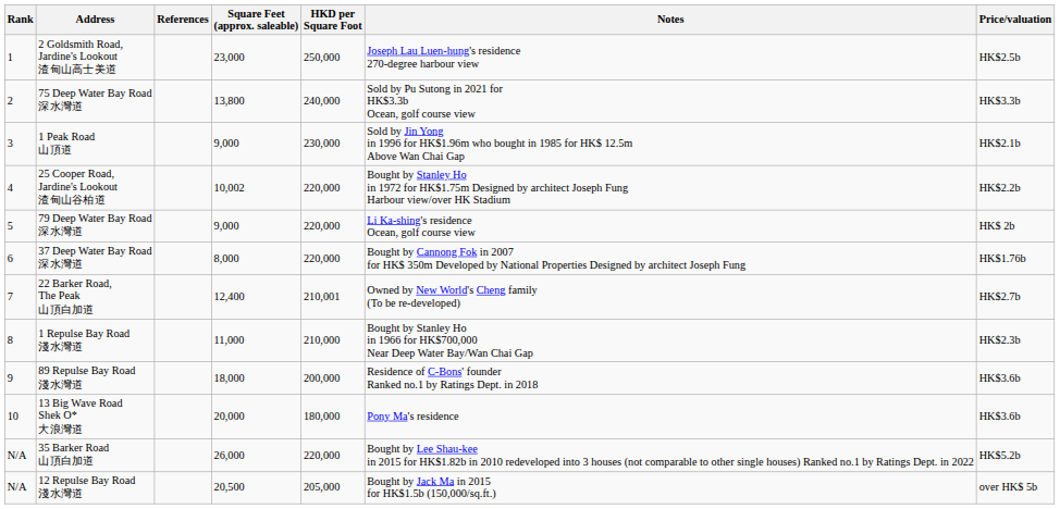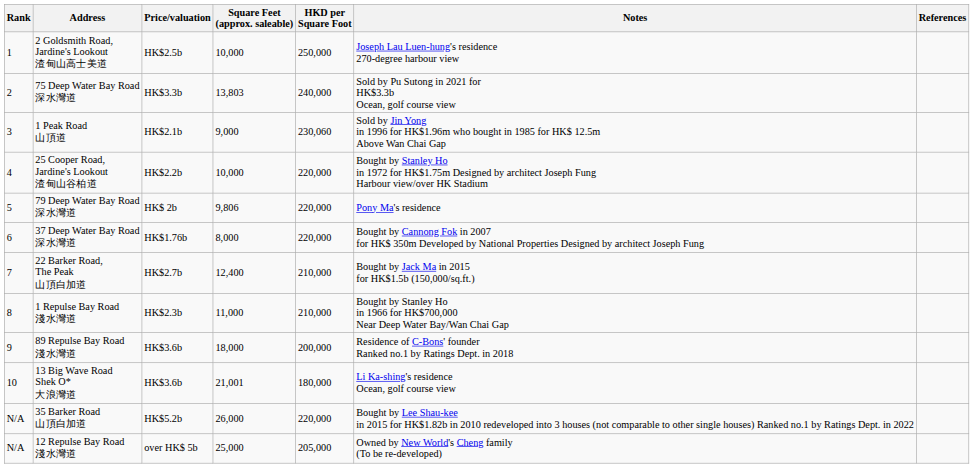 <table class="wikitable">
 <tr>
 <th>Rank</th>
 <th>Address</th>
-<th>References</th>
+<th>Price/valuation</th>
 <th>Square Feet<br>(approx. saleable)</th>
 <th>HKD per<br>Square Foot</th>
 <th>Notes</th>
-<th>Price/valuation</th>
+<th>References</th>
 </tr>
 <tr>
 <td>1</td>
 <td>2 Goldsmith Road,<br>Jardine's Lookout<br>渣甸山高士美道</td>
-<td></td>
-<td>23,000</td>
+<td>HK$2.5b</td>
+<td>10,000</td>
 <td>250,000</td>
 <td><a href='#'>Joseph Lau Luen-hung</a>'s residence<br>270-degree harbour view</td>
-<td>HK$2.5b</td>
+<td></td>
 </tr>
 <tr>
 <td>2</td>
 <td>75 Deep Water Bay Road<br>深水灣道</td>
-<td></td>
-<td>13,800</td>
+<td>HK$3.3b</td>
+<td>13,803</td>
 <td>240,000</td>
 <td>Sold by Pu Sutong in 2021 for<br>HK$3.3b<br>Ocean, golf course view</td>
-<td>HK$3.3b</td>
+<td></td>
 </tr>
 <tr>
 <td>3</td>
 <td>1 Peak Road<br>山頂道</td>
+<td>HK$2.1b</td>
+<td>9,000</td>
+<td>230,060</td>
+<td>Sold by <a href='#'>Jin Yong</a><br>in 1996 for HK$1.96m who bought in 1985 for HK$ 12.5m<br>Above Wan Chai Gap</td>
 <td></td>
-<td>9,000</td>
-<td>230,000</td>
-<td>Sold by <a href='#'>Jin Yong</a><br>in 1996 for HK$1.96m who bought in 1985 for HK$ 12.5m<br>Above Wan Chai Gap</td>
-<td>HK$2.1b</td>
 </tr>
 <tr>
 <td>4</td>
 <td>25 Cooper Road,<br>Jardine's Lookout<br>渣甸山谷柏道</td>
-<td></td>
-<td>10,002</td>
+<td>HK$2.2b</td>
+<td>10,000</td>
 <td>220,000</td>
 <td>Bought by <a href='#'>Stanley Ho</a><br>in 1972 for HK$1.75m Designed by architect Joseph Fung<br>Harbour view/over HK Stadium</td>
-<td>HK$2.2b</td>
+<td></td>
 </tr>
 <tr>
 <td>5</td>
 <td>79 Deep Water Bay Road<br>深水灣道</td>
+<td>HK$ 2b</td>
+<td>9,806</td>
+<td>220,000</td>
+<td><a href='#'>Pony Ma</a>'s residence</td>
 <td></td>
-<td>9,000</td>
-<td>220,000</td>
-<td><a href='#'>Li Ka-shing</a>'s residence<br>Ocean, golf course view</td>
-<td>HK$ 2b</td>
 </tr>
 <tr>
 <td>6</td>
 <td>37 Deep Water Bay Road<br>深水灣道</td>
-<td></td>
+<td>HK$1.76b</td>
 <td>8,000</td>
 <td>220,000</td>
 <td>Bought by <a href='#'>Cannong Fok</a> in 2007<br>for HK$ 350m Developed by National Properties Designed by architect Joseph Fung</td>
-<td>HK$1.76b</td>
+<td></td>
 </tr>
 <tr>
 <td>7</td>
 <td>22 Barker Road,<br>The Peak<br>山頂白加道</td>
+<td>HK$2.7b</td>
+<td>12,400</td>
+<td>210,000</td>
+<td>Bought by <a href='#'>Jack Ma</a> in 2015<br>for HK$1.5b (150,000/sq.ft.)</td>
 <td></td>
-<td>12,400</td>
-<td>210,001</td>
-<td>Owned by <a href='#'>New World</a>'s <a href='#'>Cheng</a> family<br>(To be re-developed)</td>
-<td>HK$2.7b</td>
 </tr>
 <tr>
 <td>8</td>
 <td>1 Repulse Bay Road<br>淺水灣道</td>
-<td></td>
+<td>HK$2.3b</td>
 <td>11,000</td>
 <td>210,000</td>
 <td>Bought by Stanley Ho<br>in 1966 for HK$700,000<br>Near Deep Water Bay/Wan Chai Gap</td>
-<td>HK$2.3b</td>
+<td></td>
 </tr>
 <tr>
 <td>9</td>
 <td>89 Repulse Bay Road<br>淺水灣道</td>
-<td></td>
+<td>HK$3.6b</td>
 <td>18,000</td>
 <td>200,000</td>
 <td>Residence of <a href='#'>C-Bons</a>' founder<br>Ranked no.1 by Ratings Dept. in 2018</td>
-<td>HK$3.6b</td>
+<td></td>
 </tr>
 <tr>
 <td>10</td>
 <td>13 Big Wave Road<br>Shek O*<br>大浪灣道</td>
+<td>HK$3.6b</td>
+<td>21,001</td>
+<td>180,000</td>
+<td><a href='#'>Li Ka-shing</a>'s residence<br>Ocean, golf course view</td>
 <td></td>
-<td>20,000</td>
-<td>180,000</td>
-<td><a href='#'>Pony Ma</a>'s residence</td>
-<td>HK$3.6b</td>
 </tr>
 <tr>
 <td>N/A</td>
 <td>35 Barker Road<br>山頂白加道</td>
-<td></td>
+<td>HK$5.2b</td>
 <td>26,000</td>
 <td>220,000</td>
 <td>Bought by <a href='#'>Lee Shau-kee</a><br>in 2015 for HK$1.82b in 2010 redeveloped into 3 houses (not comparable to other single houses) Ranked no.1 by Ratings Dept. in 2022</td>
-<td>HK$5.2b</td>
+<td></td>
 </tr>
 <tr>
 <td>N/A</td>
 <td>12 Repulse Bay Road<br>淺水灣道</td>
+<td>over HK$ 5b</td>
+<td>25,000</td>
+<td>205,000</td>
+<td>Owned by <a href='#'>New World</a>'s <a href='#'>Cheng</a> family<br>(To be re-developed)</td>
 <td></td>
-<td>20,500</td>
-<td>205,000</td>
-<td>Bought by <a href='#'>Jack Ma</a> in 2015<br>for HK$1.5b (150,000/sq.ft.)</td>
-<td>over HK$ 5b</td>
 </tr>
 </table>
